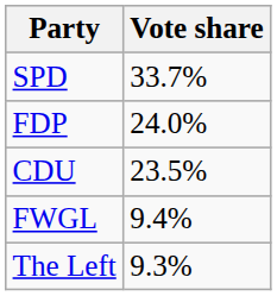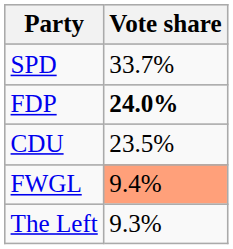 <table class="wikitable">
 <tr>
 <th>Party</th>
 <th>Vote share</th>
 </tr>
 <tr>
 <td><a href='#'>SPD</a></td>
 <td>33.7%</td>
 </tr>
 <tr>
 <td><a href='#'>FDP</a></td>
-<td>24.0%</td>
+<td><strong>24.0%</strong></td>
 </tr>
 <tr>
 <td><a href='#'>CDU</a></td>
 <td>23.5%</td>
 </tr>
 <tr>
 <td><a href='#'>FWGL</a></td>
-<td>9.4%</td>
+<td style="background: lightsalmon;">9.4%</td>
 </tr>
 <tr>
 <td><a href='#'>The Left</a></td>
 <td>9.3%</td>
 </tr>
 </table>
